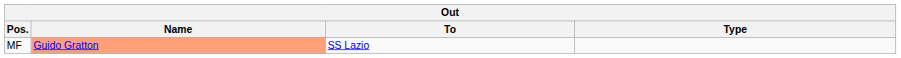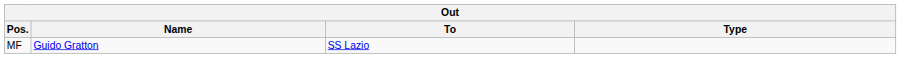 <table class="wikitable" style="font-size:90%;">
 <tr>
 <th colspan="4">Out</th>
 </tr>
 <tr>
 <th width=3%>Pos.</th>
 <th width=33%>Name</th>
 <th width=28%>To</th>
 <th width=36%>Type</th>
 </tr>
 <tr>
 <td>MF</td>
-<td style="background: lightsalmon;"><a href='#'>Guido Gratton</a></td>
+<td><a href='#'>Guido Gratton</a></td>
 <td><a href='#'>SS Lazio</a></td>
 <td></td>
 </tr>
 </table>
